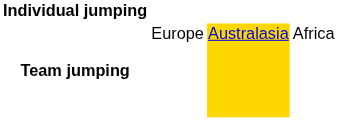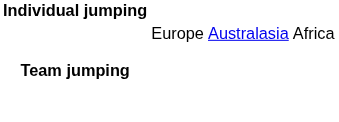 <table>
 <tr>
 <th scope="row">Individual jumping<br></th>
 <td></td>
 <td></td>
 <td></td>
 </tr>
 <tr>
 <th scope="row">Team jumping<br></th>
 <td>Europe <br>  <br>  <br>  <br>  <br> </td>
-<td style="background: gold;"><a href='#'>Australasia</a> <br>  <br>  <br>  <br>  <br> </td>
+<td><a href='#'>Australasia</a> <br>  <br>  <br>  <br>  <br> </td>
 <td>Africa <br>  <br>  <br>  <br>  <br> </td>
 </tr>
 </table>
